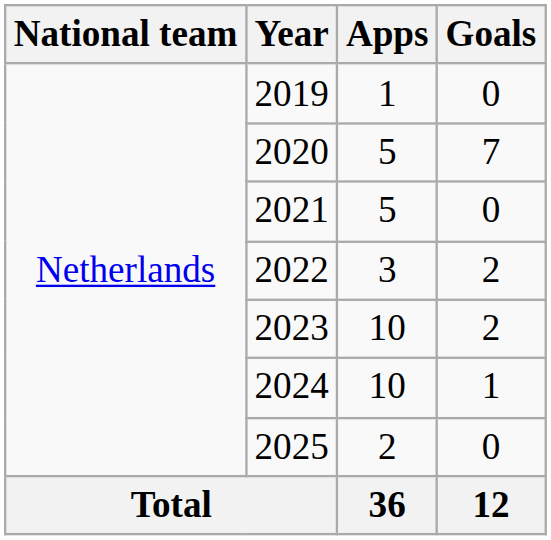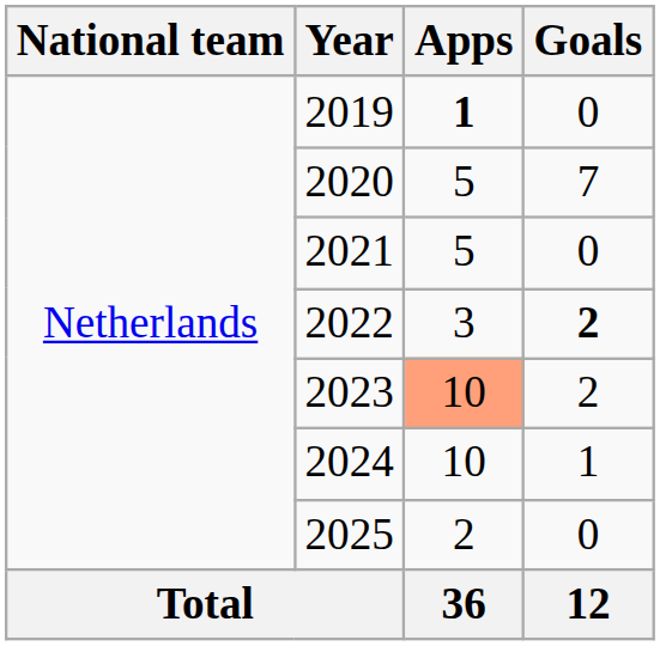 <table class="wikitable" style="text-align:center">
 <tr>
 <th>National team</th>
 <th>Year</th>
 <th>Apps</th>
 <th>Goals</th>
 </tr>
 <tr>
 <td rowspan="7"><a href='#'>Netherlands</a></td>
 <td>2019</td>
-<td>1</td>
+<td><strong>1</strong></td>
 <td>0</td>
 </tr>
 <tr>
 <td>2020</td>
 <td>5</td>
 <td>7</td>
 </tr>
 <tr>
 <td>2021</td>
 <td>5</td>
 <td>0</td>
 </tr>
 <tr>
 <td>2022</td>
 <td>3</td>
-<td>2</td>
+<td><strong>2</strong></td>
 </tr>
 <tr>
 <td>2023</td>
-<td>10</td>
+<td style="background: lightsalmon;">10</td>
 <td>2</td>
 </tr>
 <tr>
 <td>2024</td>
 <td>10</td>
 <td>1</td>
 </tr>
 <tr>
 <td>2025</td>
 <td>2</td>
 <td>0</td>
 </tr>
 <tr>
 <th colspan="2">Total</th>
 <th>36</th>
 <th>12</th>
 </tr>
 </table>
